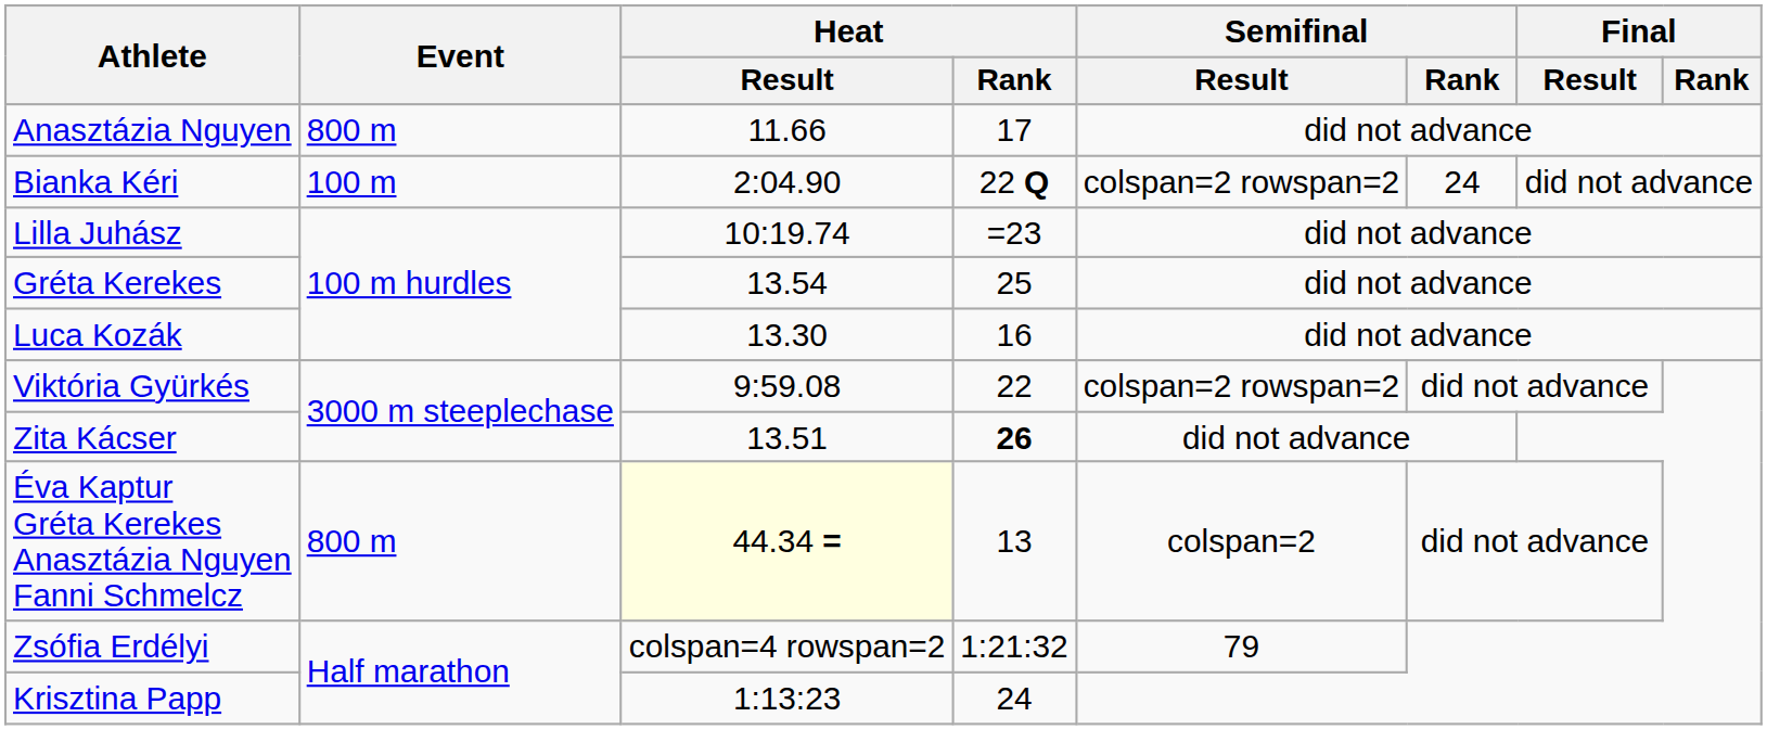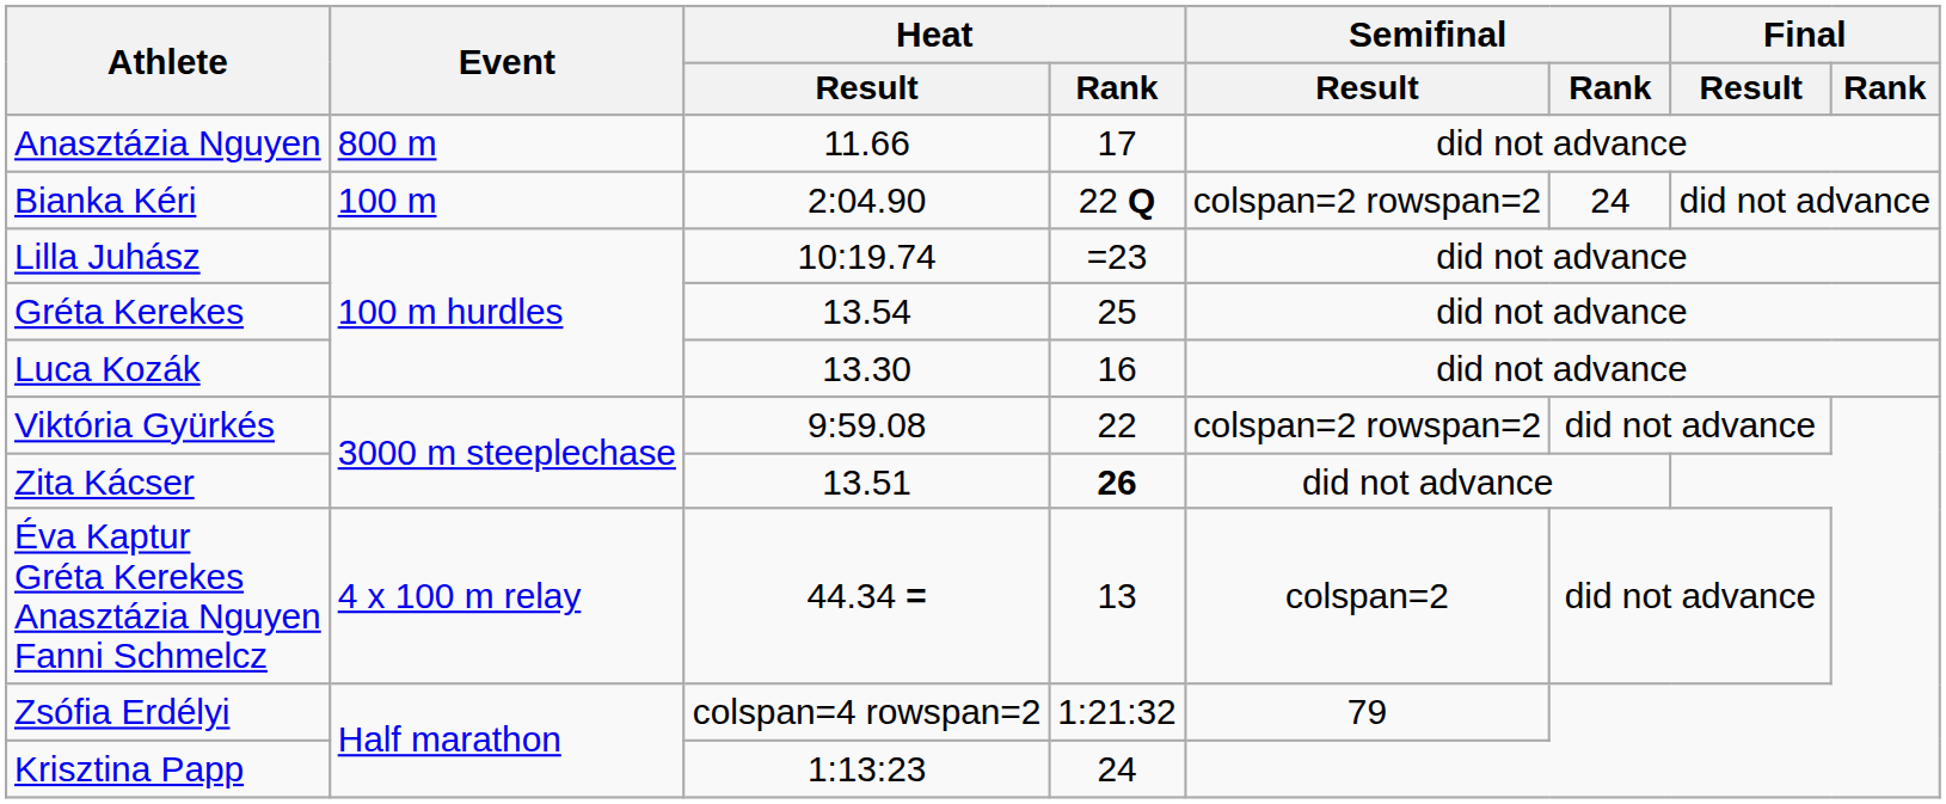 <table class="wikitable" style="font-size:90%">
 <tr>
 <th rowspan=2>Athlete</th>
 <th rowspan=2>Event</th>
 <th colspan=2>Heat</th>
 <th colspan=2>Semifinal</th>
 <th colspan=2>Final</th>
 </tr>
 <tr style="font-size:95%">
 <th>Result</th>
 <th>Rank</th>
 <th>Result</th>
 <th>Rank</th>
 <th>Result</th>
 <th>Rank</th>
 </tr>
 <tr align=center>
 <td align=left><a href='#'>Anasztázia Nguyen</a></td>
 <td style="text-align:left;"><a href='#'>800 m</a></td>
 <td>11.66 <strong></strong></td>
 <td>17</td>
 <td colspan=4>did not advance</td>
 </tr>
 <tr align=center>
 <td align=left><a href='#'>Bianka Kéri</a></td>
 <td style="text-align:left;"><a href='#'>100 m</a></td>
 <td>2:04.90</td>
 <td>22 <strong>Q</strong></td>
 <td>colspan=2 rowspan=2 </td>
 <td>24</td>
 <td colspan=2>did not advance</td>
 </tr>
 <tr align=center>
 <td align=left><a href='#'>Lilla Juhász</a></td>
 <td style="text-align:left;" rowspan=3><a href='#'>100 m hurdles</a></td>
 <td>10:19.74</td>
 <td>=23</td>
 <td colspan=4>did not advance</td>
 </tr>
 <tr align=center>
 <td align=left><a href='#'>Gréta Kerekes</a></td>
 <td>13.54</td>
 <td>25</td>
 <td colspan=4>did not advance</td>
 </tr>
 <tr align=center>
 <td align=left><a href='#'>Luca Kozák</a></td>
 <td>13.30</td>
 <td>16</td>
 <td colspan=4>did not advance</td>
 </tr>
 <tr align=center>
 <td align=left><a href='#'>Viktória Gyürkés</a></td>
 <td style="text-align:left;" rowspan=2><a href='#'>3000 m steeplechase</a></td>
 <td>9:59.08</td>
 <td>22</td>
 <td>colspan=2 rowspan=2 </td>
 <td colspan=2>did not advance</td>
 </tr>
 <tr align=center>
 <td align=left><a href='#'>Zita Kácser</a></td>
 <td>13.51</td>
 <td><strong>26</strong></td>
 <td colspan=2>did not advance</td>
 </tr>
 <tr align=center>
 <td align=left><a href='#'>Éva Kaptur</a><br><a href='#'>Gréta Kerekes</a><br><a href='#'>Anasztázia Nguyen</a><br><a href='#'>Fanni Schmelcz</a></td>
-<td style="text-align:left;"><a href='#'>800 m</a></td>
-<td style="background: lightyellow;">44.34 <strong>=</strong></td>
+<td style="text-align:left;"><a href='#'>4 x 100 m relay</a></td>
+<td>44.34 <strong>=</strong></td>
 <td>13</td>
 <td>colspan=2 </td>
 <td colspan=2>did not advance</td>
 </tr>
 <tr align=center>
 <td align=left><a href='#'>Zsófia Erdélyi</a></td>
 <td style="text-align:left;" rowspan=2><a href='#'>Half marathon</a></td>
 <td>colspan=4 rowspan=2 </td>
 <td>1:21:32</td>
 <td>79</td>
 </tr>
 <tr align=center>
 <td align=left><a href='#'>Krisztina Papp</a></td>
 <td>1:13:23</td>
 <td>24</td>
 </tr>
 </table>
